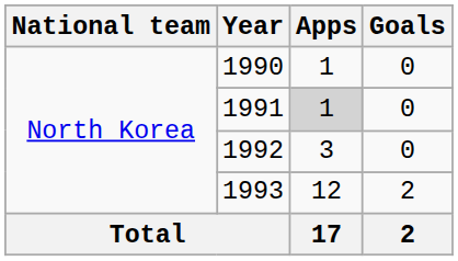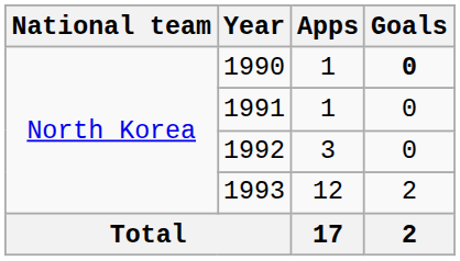 <table class="wikitable" style="text-align:center">
 <tr>
 <th>National team</th>
 <th>Year</th>
 <th>Apps</th>
 <th>Goals</th>
 </tr>
 <tr>
 <td rowspan="4"><a href='#'>North Korea</a></td>
 <td>1990</td>
 <td>1</td>
-<td>0</td>
+<td><strong>0</strong></td>
 </tr>
 <tr>
 <td>1991</td>
-<td style="background: lightgrey;">1</td>
+<td>1</td>
 <td>0</td>
 </tr>
 <tr>
 <td>1992</td>
 <td>3</td>
 <td>0</td>
 </tr>
 <tr>
 <td>1993</td>
 <td>12</td>
 <td>2</td>
 </tr>
 <tr>
 <th colspan=2>Total</th>
 <th>17</th>
 <th>2</th>
 </tr>
 </table>
